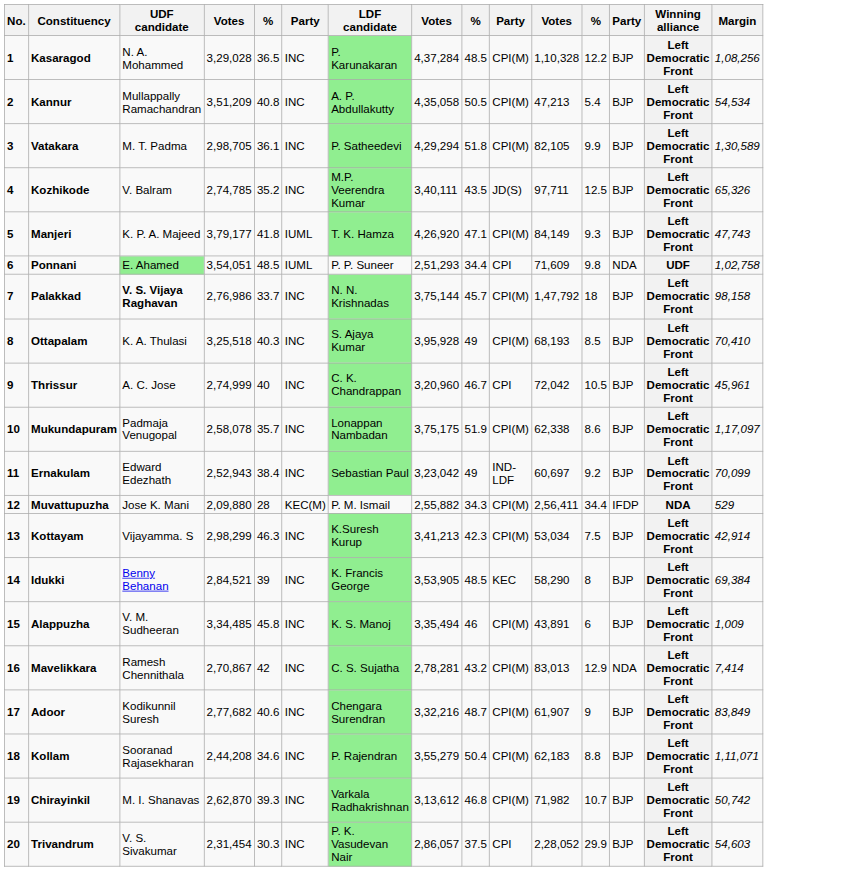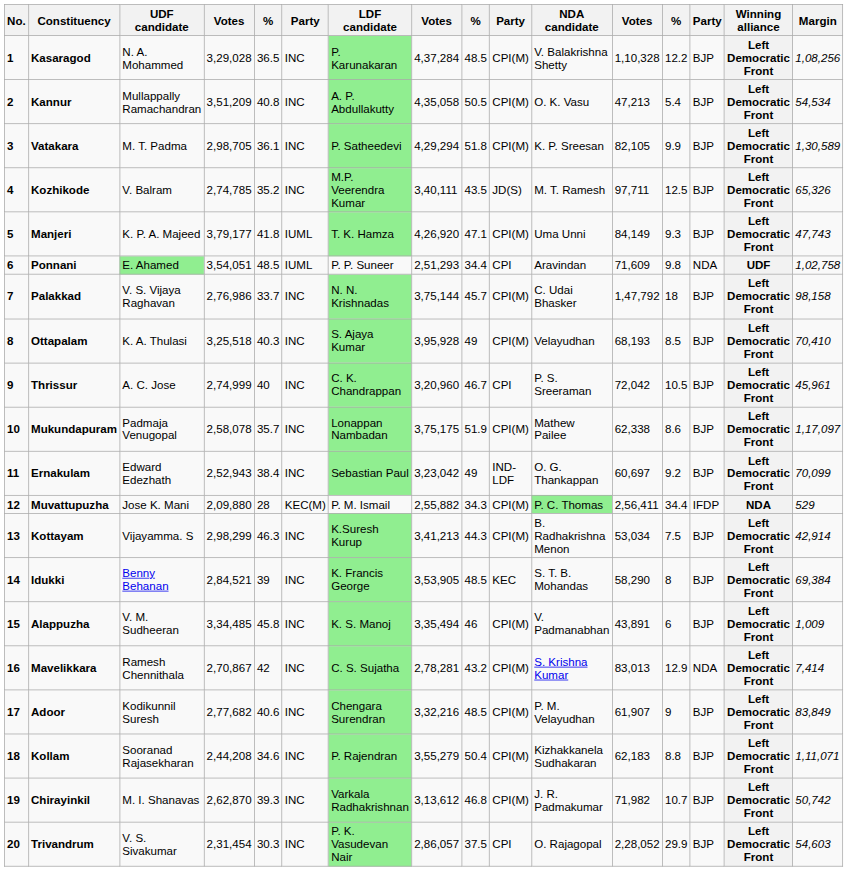 <table class="wikitable sortable" style="font-size:95%;">
 <tr>
 <th>No.</th>
 <th>Constituency</th>
 <th>UDF candidate</th>
 <th>Votes</th>
 <th>%</th>
 <th>Party</th>
 <th>LDF candidate</th>
 <th>Votes</th>
 <th>%</th>
 <th>Party</th>
+<th>NDA candidate</th>
 <th>Votes</th>
 <th>%</th>
 <th>Party</th>
 <th>Winning alliance</th>
 <th>Margin</th>
 </tr>
 <tr>
 <td><strong>1</strong></td>
 <td><strong>Kasaragod</strong></td>
 <td>N. A. Mohammed</td>
 <td>3,29,028</td>
 <td>36.5</td>
 <td>INC</td>
 <td style="background:lightgreen;">P. Karunakaran</td>
 <td>4,37,284</td>
 <td>48.5</td>
 <td>CPI(M)</td>
+<td>V. Balakrishna Shetty</td>
 <td>1,10,328</td>
 <td>12.2</td>
 <td>BJP</td>
 <th style="background:">Left Democratic Front</th>
 <td><em>1,08,256</em></td>
 </tr>
 <tr>
 <td><strong>2</strong></td>
 <td><strong>Kannur</strong></td>
 <td>Mullappally Ramachandran</td>
 <td>3,51,209</td>
 <td>40.8</td>
 <td>INC</td>
 <td style="background:lightgreen;">A. P. Abdullakutty</td>
 <td>4,35,058</td>
 <td>50.5</td>
 <td>CPI(M)</td>
+<td>O. K. Vasu</td>
 <td>47,213</td>
 <td>5.4</td>
 <td>BJP</td>
 <th style="background:">Left Democratic Front</th>
 <td><em>54,534</em></td>
 </tr>
 <tr>
 <td><strong>3</strong></td>
 <td><strong>Vatakara</strong></td>
 <td>M. T. Padma</td>
 <td>2,98,705</td>
 <td>36.1</td>
 <td>INC</td>
 <td style="background:lightgreen;">P. Satheedevi</td>
 <td>4,29,294</td>
 <td>51.8</td>
 <td>CPI(M)</td>
+<td>K. P. Sreesan</td>
 <td>82,105</td>
 <td>9.9</td>
 <td>BJP</td>
 <th style="background:">Left Democratic Front</th>
 <td><em>1,30,589</em></td>
 </tr>
 <tr>
 <td><strong>4</strong></td>
 <td><strong>Kozhikode</strong></td>
 <td>V. Balram</td>
 <td>2,74,785</td>
 <td>35.2</td>
 <td>INC</td>
 <td style="background:lightgreen;">M.P. Veerendra Kumar</td>
 <td>3,40,111</td>
 <td>43.5</td>
 <td>JD(S)</td>
+<td>M. T. Ramesh</td>
 <td>97,711</td>
 <td>12.5</td>
 <td>BJP</td>
 <th style="background:">Left Democratic Front</th>
 <td><em>65,326</em></td>
 </tr>
 <tr>
 <td><strong>5</strong></td>
 <td><strong>Manjeri</strong></td>
 <td>K. P. A. Majeed</td>
 <td>3,79,177</td>
 <td>41.8</td>
 <td>IUML</td>
 <td style="background:lightgreen;">T. K. Hamza</td>
 <td>4,26,920</td>
 <td>47.1</td>
 <td>CPI(M)</td>
+<td>Uma Unni</td>
 <td>84,149</td>
 <td>9.3</td>
 <td>BJP</td>
 <th style="background:">Left Democratic Front</th>
 <td><em>47,743</em></td>
 </tr>
 <tr>
 <td><strong>6</strong></td>
 <td><strong>Ponnani</strong></td>
 <td style="background:lightgreen;">E. Ahamed</td>
 <td>3,54,051</td>
 <td>48.5</td>
 <td>IUML</td>
 <td>P. P. Suneer</td>
 <td>2,51,293</td>
 <td>34.4</td>
 <td>CPI</td>
+<td>Aravindan</td>
 <td>71,609</td>
 <td>9.8</td>
 <td>NDA</td>
 <th style="background:">UDF</th>
 <td><em>1,02,758</em></td>
 </tr>
 <tr>
 <td><strong>7</strong></td>
 <td><strong>Palakkad</strong></td>
-<td><strong>V. S. Vijaya Raghavan</strong></td>
+<td>V. S. Vijaya Raghavan</td>
 <td>2,76,986</td>
 <td>33.7</td>
 <td>INC</td>
 <td style="background:lightgreen;">N. N. Krishnadas</td>
 <td>3,75,144</td>
 <td>45.7</td>
 <td>CPI(M)</td>
+<td>C. Udai Bhasker</td>
 <td>1,47,792</td>
 <td>18</td>
 <td>BJP</td>
 <th style="background:">Left Democratic Front</th>
 <td><em>98,158</em></td>
 </tr>
 <tr>
 <td><strong>8</strong></td>
 <td><strong>Ottapalam</strong></td>
 <td>K. A. Thulasi</td>
 <td>3,25,518</td>
 <td>40.3</td>
 <td>INC</td>
 <td style="background:lightgreen;">S. Ajaya Kumar</td>
 <td>3,95,928</td>
 <td>49</td>
 <td>CPI(M)</td>
+<td>Velayudhan</td>
 <td>68,193</td>
 <td>8.5</td>
 <td>BJP</td>
 <th style="background:">Left Democratic Front</th>
 <td><em>70,410</em></td>
 </tr>
 <tr>
 <td><strong>9</strong></td>
 <td><strong>Thrissur</strong></td>
 <td>A. C. Jose</td>
 <td>2,74,999</td>
 <td>40</td>
 <td>INC</td>
 <td style="background:lightgreen;">C. K. Chandrappan</td>
 <td>3,20,960</td>
 <td>46.7</td>
 <td>CPI</td>
+<td>P. S. Sreeraman</td>
 <td>72,042</td>
 <td>10.5</td>
 <td>BJP</td>
 <th style="background:">Left Democratic Front</th>
 <td><em>45,961</em></td>
 </tr>
 <tr>
 <td><strong>10</strong></td>
 <td><strong>Mukundapuram</strong></td>
 <td>Padmaja Venugopal</td>
 <td>2,58,078</td>
 <td>35.7</td>
 <td>INC</td>
 <td style="background:lightgreen;">Lonappan Nambadan</td>
 <td>3,75,175</td>
 <td>51.9</td>
 <td>CPI(M)</td>
+<td>Mathew Pailee</td>
 <td>62,338</td>
 <td>8.6</td>
 <td>BJP</td>
 <th style="background:">Left Democratic Front</th>
 <td><em>1,17,097</em></td>
 </tr>
 <tr>
 <td><strong>11</strong></td>
 <td><strong>Ernakulam</strong></td>
 <td>Edward Edezhath</td>
 <td>2,52,943</td>
 <td>38.4</td>
 <td>INC</td>
 <td style="background:lightgreen;">Sebastian Paul</td>
 <td>3,23,042</td>
 <td>49</td>
 <td>IND-LDF</td>
+<td>O. G. Thankappan</td>
 <td>60,697</td>
 <td>9.2</td>
 <td>BJP</td>
 <th style="background:">Left Democratic Front</th>
 <td><em>70,099</em></td>
 </tr>
 <tr>
 <td><strong>12</strong></td>
 <td><strong>Muvattupuzha</strong></td>
 <td>Jose K. Mani</td>
 <td>2,09,880</td>
 <td>28</td>
 <td>KEC(M)</td>
 <td>P. M. Ismail</td>
 <td>2,55,882</td>
 <td>34.3</td>
 <td>CPI(M)</td>
+<td style="background:lightgreen;">P. C. Thomas</td>
 <td>2,56,411</td>
 <td>34.4</td>
 <td>IFDP</td>
 <th style="background:">NDA</th>
 <td><em>529</em></td>
 </tr>
 <tr>
 <td><strong>13</strong></td>
 <td><strong>Kottayam</strong></td>
 <td>Vijayamma. S</td>
 <td>2,98,299</td>
 <td>46.3</td>
 <td>INC</td>
 <td style="background:lightgreen;">K.Suresh Kurup</td>
 <td>3,41,213</td>
-<td>42.3</td>
+<td>44.3</td>
 <td>CPI(M)</td>
+<td>B. Radhakrishna Menon</td>
 <td>53,034</td>
 <td>7.5</td>
 <td>BJP</td>
 <th style="background:">Left Democratic Front</th>
 <td><em>42,914</em></td>
 </tr>
 <tr>
 <td><strong>14</strong></td>
 <td><strong>Idukki</strong></td>
 <td><a href='#'>Benny Behanan</a></td>
 <td>2,84,521</td>
 <td>39</td>
 <td>INC</td>
 <td style="background:lightgreen;">K. Francis George</td>
 <td>3,53,905</td>
 <td>48.5</td>
 <td>KEC</td>
+<td>S. T. B. Mohandas</td>
 <td>58,290</td>
 <td>8</td>
 <td>BJP</td>
 <th style="background:">Left Democratic Front</th>
 <td><em>69,384</em></td>
 </tr>
 <tr>
 <td><strong>15</strong></td>
 <td><strong>Alappuzha</strong></td>
 <td>V. M. Sudheeran</td>
 <td>3,34,485</td>
 <td>45.8</td>
 <td>INC</td>
 <td style="background:lightgreen;">K. S. Manoj</td>
 <td>3,35,494</td>
 <td>46</td>
 <td>CPI(M)</td>
+<td>V. Padmanabhan</td>
 <td>43,891</td>
 <td>6</td>
 <td>BJP</td>
 <th style="background:">Left Democratic Front</th>
 <td><em>1,009</em></td>
 </tr>
 <tr>
 <td><strong>16</strong></td>
 <td><strong>Mavelikkara</strong></td>
 <td>Ramesh Chennithala</td>
 <td>2,70,867</td>
 <td>42</td>
 <td>INC</td>
 <td style="background:lightgreen;">C. S. Sujatha</td>
 <td>2,78,281</td>
 <td>43.2</td>
 <td>CPI(M)</td>
+<td><a href='#'>S. Krishna Kumar</a></td>
 <td>83,013</td>
 <td>12.9</td>
 <td>NDA</td>
 <th style="background:">Left Democratic Front</th>
 <td><em>7,414</em></td>
 </tr>
 <tr>
 <td><strong>17</strong></td>
 <td><strong>Adoor</strong></td>
 <td>Kodikunnil Suresh</td>
 <td>2,77,682</td>
 <td>40.6</td>
 <td>INC</td>
 <td style="background:lightgreen;">Chengara Surendran</td>
 <td>3,32,216</td>
-<td>48.7</td>
+<td>48.5</td>
 <td>CPI(M)</td>
+<td>P. M. Velayudhan</td>
 <td>61,907</td>
 <td>9</td>
 <td>BJP</td>
 <th style="background:">Left Democratic Front</th>
 <td><em>83,849</em></td>
 </tr>
 <tr>
 <td><strong>18</strong></td>
 <td><strong>Kollam</strong></td>
 <td>Sooranad Rajasekharan</td>
 <td>2,44,208</td>
 <td>34.6</td>
 <td>INC</td>
 <td style="background:lightgreen;">P. Rajendran</td>
 <td>3,55,279</td>
 <td>50.4</td>
 <td>CPI(M)</td>
+<td>Kizhakkanela Sudhakaran</td>
 <td>62,183</td>
 <td>8.8</td>
 <td>BJP</td>
 <th style="background:">Left Democratic Front</th>
 <td><em>1,11,071</em></td>
 </tr>
 <tr>
 <td><strong>19</strong></td>
 <td><strong>Chirayinkil</strong></td>
 <td>M. I. Shanavas</td>
 <td>2,62,870</td>
 <td>39.3</td>
 <td>INC</td>
 <td style="background:lightgreen;">Varkala Radhakrishnan</td>
 <td>3,13,612</td>
 <td>46.8</td>
 <td>CPI(M)</td>
+<td>J. R. Padmakumar</td>
 <td>71,982</td>
 <td>10.7</td>
 <td>BJP</td>
 <th style="background:">Left Democratic Front</th>
 <td><em>50,742</em></td>
 </tr>
 <tr>
 <td><strong>20</strong></td>
 <td><strong>Trivandrum</strong></td>
 <td>V. S. Sivakumar</td>
 <td>2,31,454</td>
 <td>30.3</td>
 <td>INC</td>
 <td style="background:lightgreen;">P. K. Vasudevan Nair</td>
 <td>2,86,057</td>
 <td>37.5</td>
 <td>CPI</td>
+<td>O. Rajagopal</td>
 <td>2,28,052</td>
 <td>29.9</td>
 <td>BJP</td>
 <th style="background:">Left Democratic Front</th>
 <td><em>54,603</em></td>
 </tr>
 </table>
